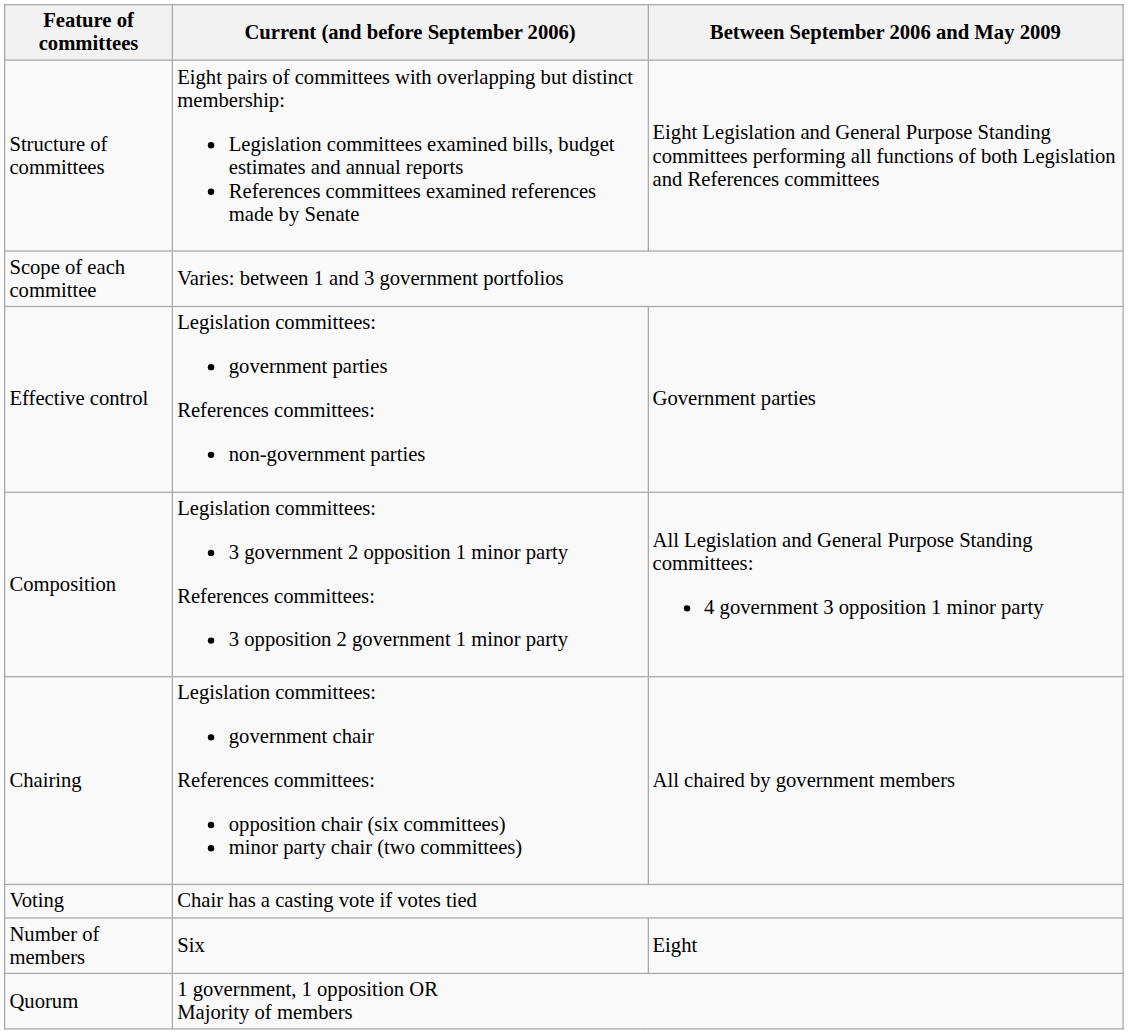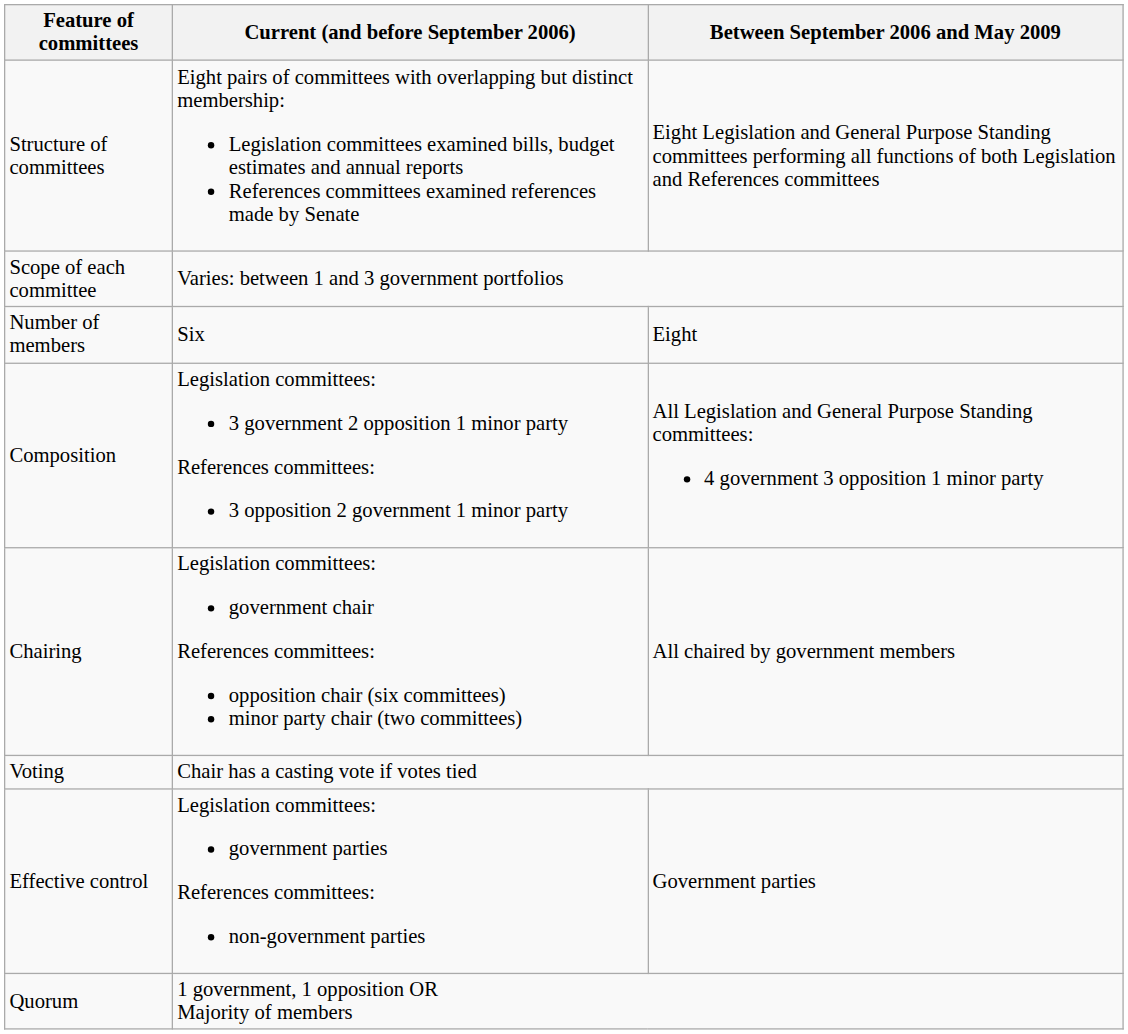 <table class="wikitable">
 <tr>
 <th style="width:15%;">Feature of committees</th>
 <th style="width:42.5%;">Current (and before September 2006)</th>
 <th style="width:42.5%;">Between September 2006 and May 2009</th>
 </tr>
 <tr>
 <td>Structure of committees</td>
 <td>Eight pairs of committees with overlapping but distinct membership:<br><ul><li>Legislation committees examined bills, budget estimates and annual reports</li><li>References committees examined references made by Senate</li></ul></td>
 <td>Eight Legislation and General Purpose Standing committees performing all functions of both Legislation and References committees</td>
 </tr>
 <tr>
 <td>Scope of each committee</td>
 <td colspan="2">Varies: between 1 and 3 government portfolios</td>
 </tr>
 <tr>
-<td>Effective control</td>
-<td>Legislation committees:<br><ul><li>government parties</li></ul>References committees:<ul><li>non-government parties</li></ul></td>
-<td>Government parties</td>
+<td>Number of members</td>
+<td>Six</td>
+<td>Eight</td>
 </tr>
 <tr>
 <td>Composition</td>
 <td>Legislation committees:<br><ul><li>3 government 2 opposition 1 minor party</li></ul>References committees:<ul><li>3 opposition 2 government 1 minor party</li></ul></td>
 <td>All Legislation and General Purpose Standing committees:<br><ul><li>4 government 3 opposition 1 minor party</li></ul></td>
 </tr>
 <tr>
 <td>Chairing</td>
 <td>Legislation committees:<br><ul><li>government chair</li></ul>References committees:<ul><li>opposition chair (six committees)</li><li>minor party chair (two committees)</li></ul></td>
 <td>All chaired by government members</td>
 </tr>
 <tr>
 <td>Voting</td>
 <td colspan="2">Chair has a casting vote if votes tied</td>
 </tr>
 <tr>
-<td>Number of members</td>
-<td>Six</td>
-<td>Eight</td>
+<td>Effective control</td>
+<td>Legislation committees:<br><ul><li>government parties</li></ul>References committees:<ul><li>non-government parties</li></ul></td>
+<td>Government parties</td>
 </tr>
 <tr>
 <td>Quorum</td>
 <td colspan="2">1 government, 1 opposition OR<br>Majority of members</td>
 </tr>
 </table>
